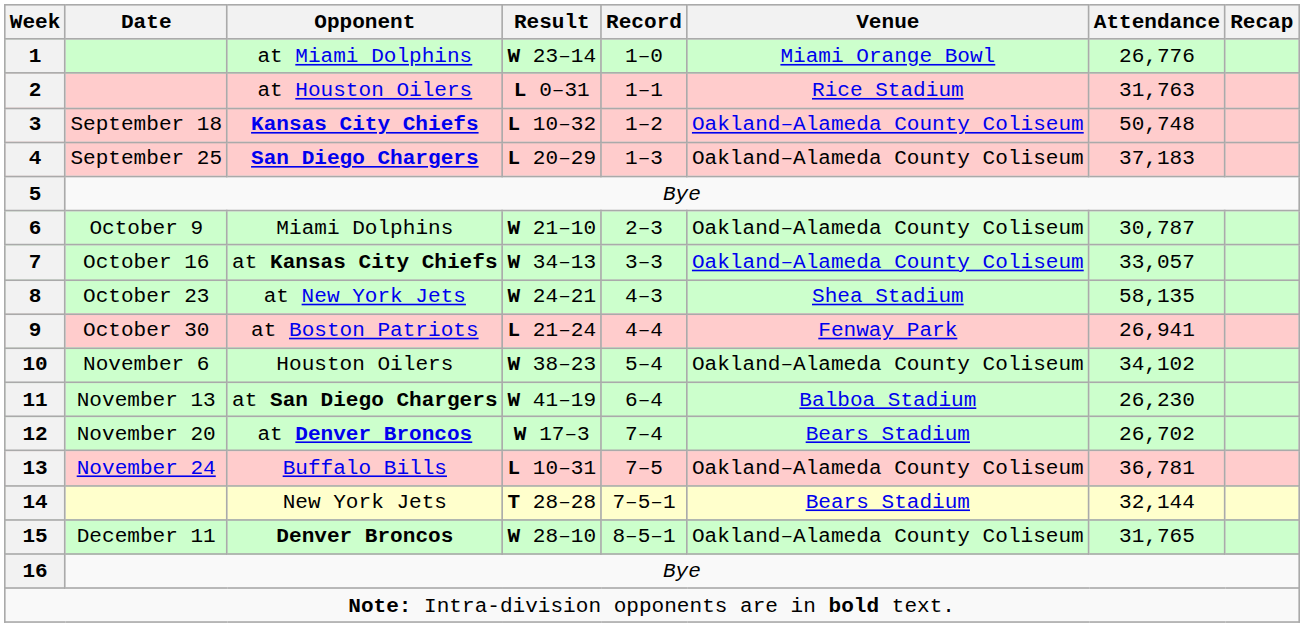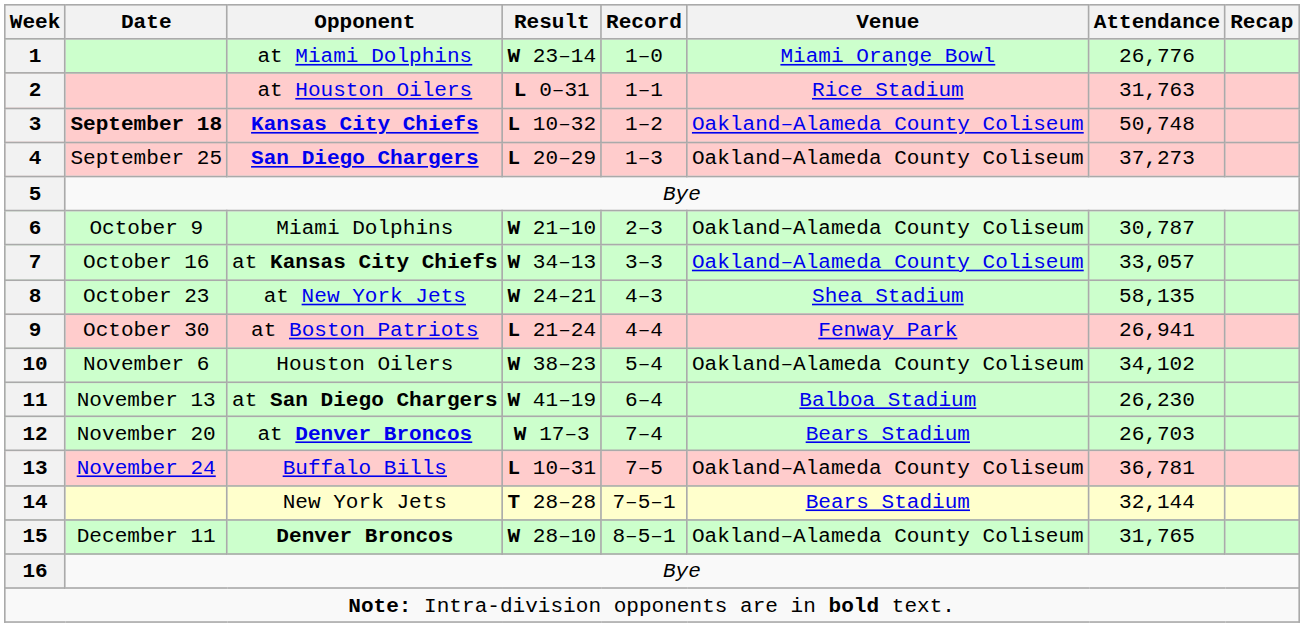 <table class="wikitable" style="text-align:center">
 <tr>
 <th>Week</th>
 <th>Date</th>
 <th>Opponent</th>
 <th>Result</th>
 <th>Record</th>
 <th>Venue</th>
 <th>Attendance</th>
 <th>Recap</th>
 </tr>
 <tr style="background:#cfc">
 <th>1</th>
 <td></td>
 <td>at <a href='#'>Miami Dolphins</a></td>
 <td><strong>W</strong> 23–14</td>
 <td>1–0</td>
 <td><a href='#'>Miami Orange Bowl</a></td>
 <td>26,776</td>
 <td></td>
 </tr>
 <tr style="background:#fcc">
 <th>2</th>
 <td></td>
 <td>at <a href='#'>Houston Oilers</a></td>
 <td><strong>L</strong> 0–31</td>
 <td>1–1</td>
 <td><a href='#'>Rice Stadium</a></td>
 <td>31,763</td>
 <td></td>
 </tr>
 <tr style="background:#fcc">
 <th>3</th>
-<td>September 18</td>
+<td><strong>September 18</strong></td>
 <td><strong><a href='#'>Kansas City Chiefs</a></strong></td>
 <td><strong>L</strong> 10–32</td>
 <td>1–2</td>
 <td><a href='#'>Oakland–Alameda County Coliseum</a></td>
 <td>50,748</td>
 <td></td>
 </tr>
 <tr style="background:#fcc">
 <th>4</th>
 <td>September 25</td>
 <td><strong><a href='#'>San Diego Chargers</a></strong></td>
 <td><strong>L</strong> 20–29</td>
 <td>1–3</td>
 <td>Oakland–Alameda County Coliseum</td>
-<td>37,183</td>
+<td>37,273</td>
 <td></td>
 </tr>
 <tr>
 <th>5</th>
 <td colspan="7" align="center"><em>Bye</em></td>
 </tr>
 <tr style="background:#cfc">
 <th>6</th>
 <td>October 9</td>
 <td>Miami Dolphins</td>
 <td><strong>W</strong> 21–10</td>
 <td>2–3</td>
 <td>Oakland–Alameda County Coliseum</td>
 <td>30,787</td>
 <td></td>
 </tr>
 <tr style="background:#cfc">
 <th>7</th>
 <td>October 16</td>
 <td>at <strong>Kansas City Chiefs</strong></td>
 <td><strong>W</strong> 34–13</td>
 <td>3–3</td>
 <td><a href='#'>Oakland–Alameda County Coliseum</a></td>
 <td>33,057</td>
 <td></td>
 </tr>
 <tr style="background:#cfc">
 <th>8</th>
 <td>October 23</td>
 <td>at <a href='#'>New York Jets</a></td>
 <td><strong>W</strong> 24–21</td>
 <td>4–3</td>
 <td><a href='#'>Shea Stadium</a></td>
 <td>58,135</td>
 <td></td>
 </tr>
 <tr style="background:#fcc">
 <th>9</th>
 <td>October 30</td>
 <td>at <a href='#'>Boston Patriots</a></td>
 <td><strong>L</strong> 21–24</td>
 <td>4–4</td>
 <td><a href='#'>Fenway Park</a></td>
 <td>26,941</td>
 <td></td>
 </tr>
 <tr style="background:#cfc">
 <th>10</th>
 <td>November 6</td>
 <td>Houston Oilers</td>
 <td><strong>W</strong> 38–23</td>
 <td>5–4</td>
 <td>Oakland–Alameda County Coliseum</td>
 <td>34,102</td>
 <td></td>
 </tr>
 <tr style="background:#cfc">
 <th>11</th>
 <td>November 13</td>
 <td>at <strong>San Diego Chargers</strong></td>
 <td><strong>W</strong> 41–19</td>
 <td>6–4</td>
 <td><a href='#'>Balboa Stadium</a></td>
 <td>26,230</td>
 <td></td>
 </tr>
 <tr style="background:#cfc">
 <th>12</th>
 <td>November 20</td>
 <td>at <strong><a href='#'>Denver Broncos</a></strong></td>
 <td><strong>W</strong> 17–3</td>
 <td>7–4</td>
 <td><a href='#'>Bears Stadium</a></td>
-<td>26,702</td>
+<td>26,703</td>
 <td></td>
 </tr>
 <tr style="background:#fcc">
 <th>13</th>
 <td><a href='#'>November 24</a></td>
 <td><a href='#'>Buffalo Bills</a></td>
 <td><strong>L</strong> 10–31</td>
 <td>7–5</td>
 <td>Oakland–Alameda County Coliseum</td>
 <td>36,781</td>
 <td></td>
 </tr>
 <tr style="background:#ffc">
 <th>14</th>
 <td></td>
 <td>New York Jets</td>
 <td><strong>T</strong> 28–28</td>
 <td>7–5–1</td>
 <td><a href='#'>Bears Stadium</a></td>
 <td>32,144</td>
 <td></td>
 </tr>
 <tr style="background:#cfc">
 <th>15</th>
 <td>December 11</td>
 <td><strong>Denver Broncos</strong></td>
 <td><strong>W</strong> 28–10</td>
 <td>8–5–1</td>
 <td>Oakland–Alameda County Coliseum</td>
 <td>31,765</td>
 <td></td>
 </tr>
 <tr>
 <th>16</th>
 <td colspan="7" align="center"><em>Bye</em></td>
 </tr>
 <tr>
 <td colspan="8"><strong>Note:</strong> Intra-division opponents are in <strong>bold</strong> text.</td>
 </tr>
 </table>
